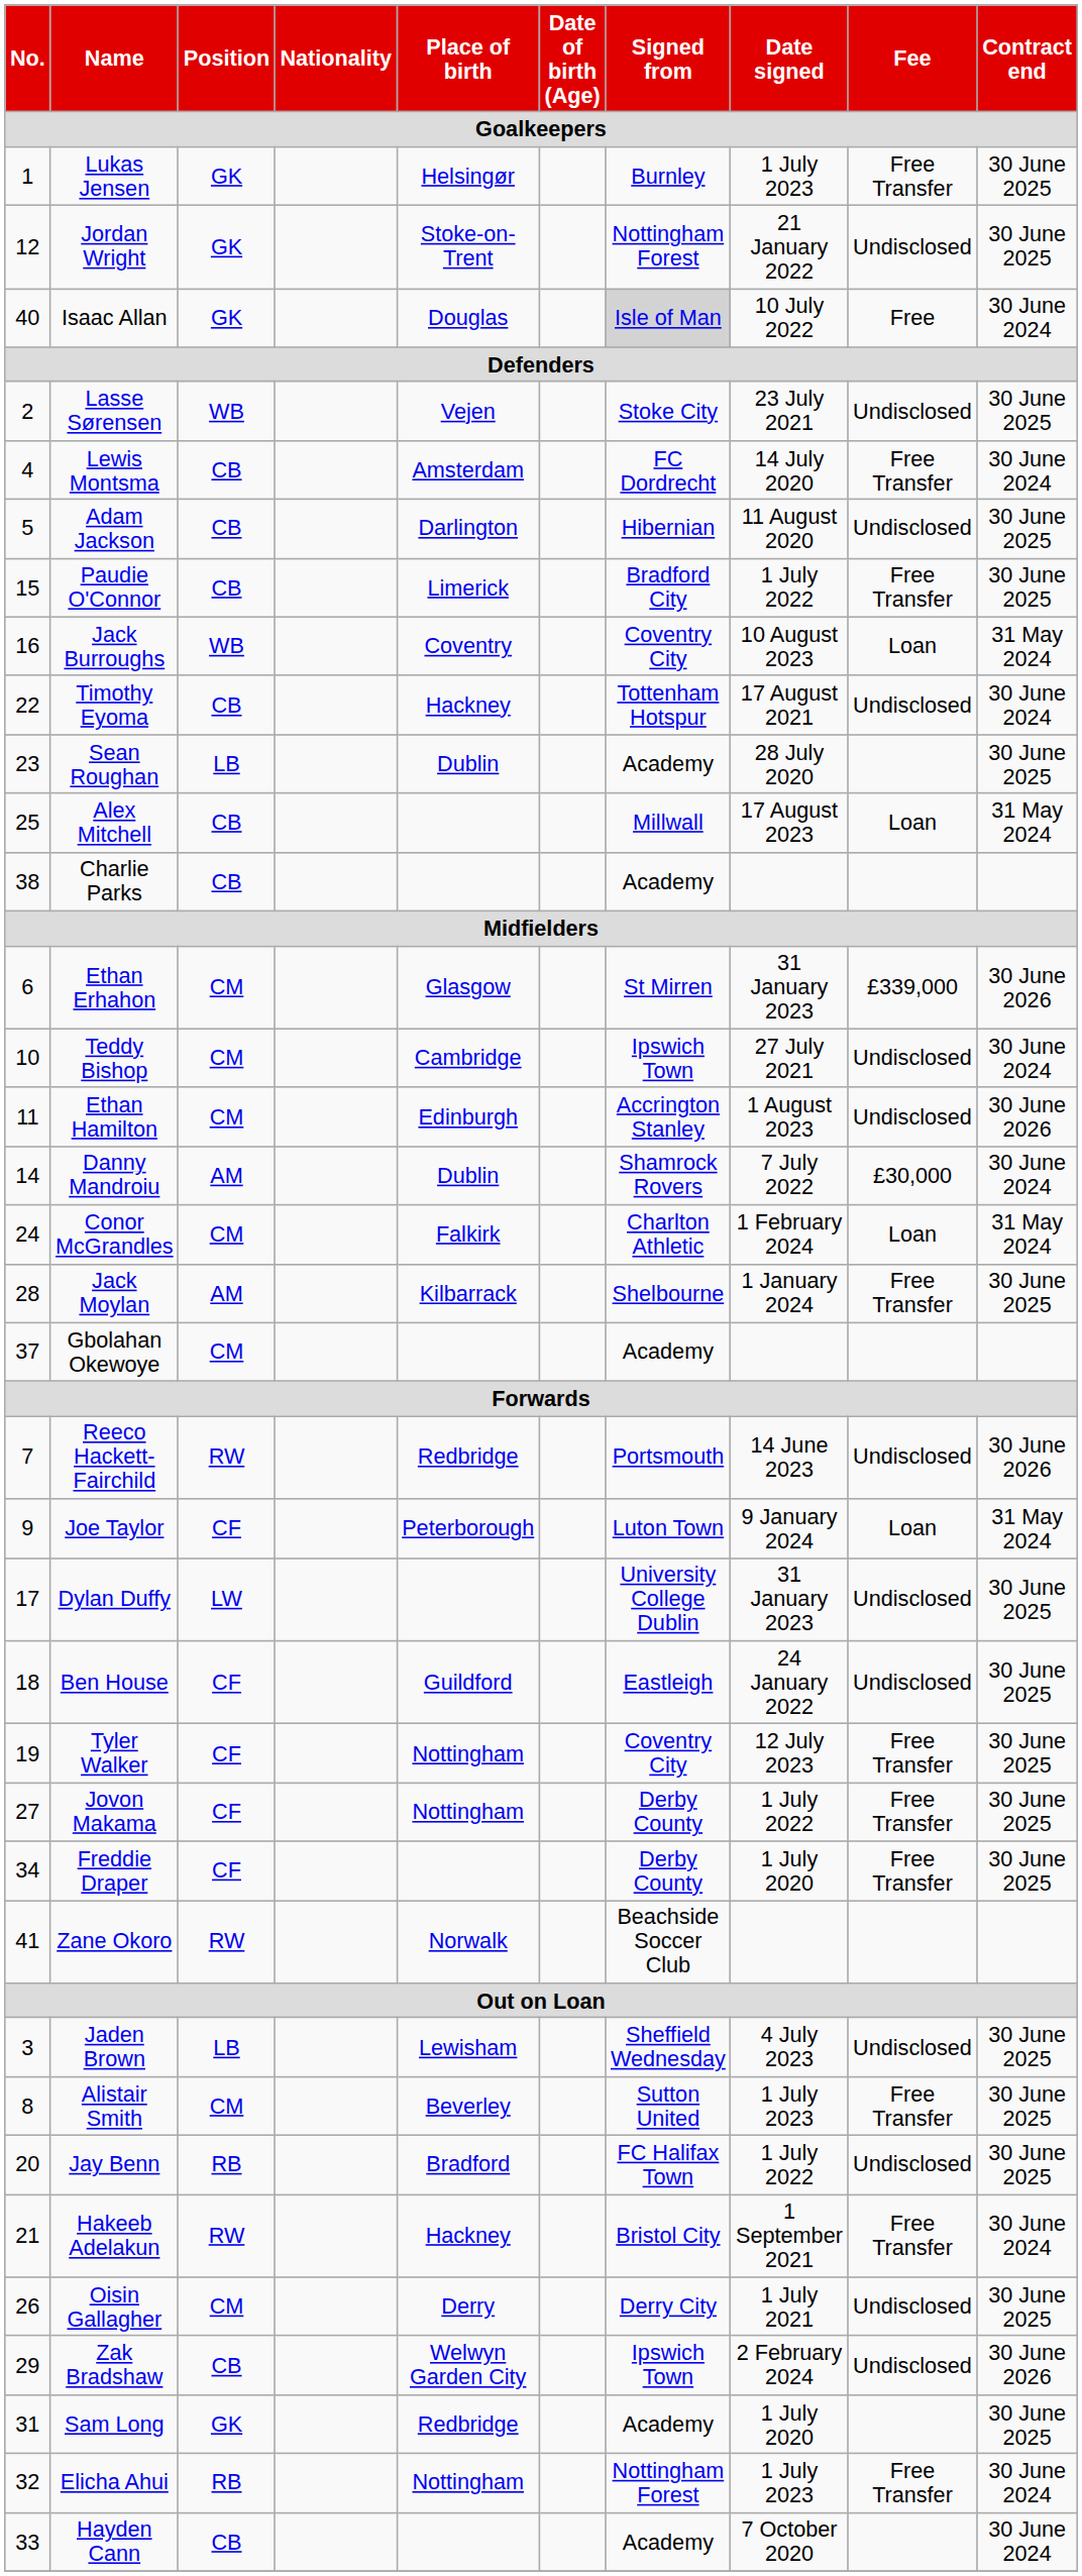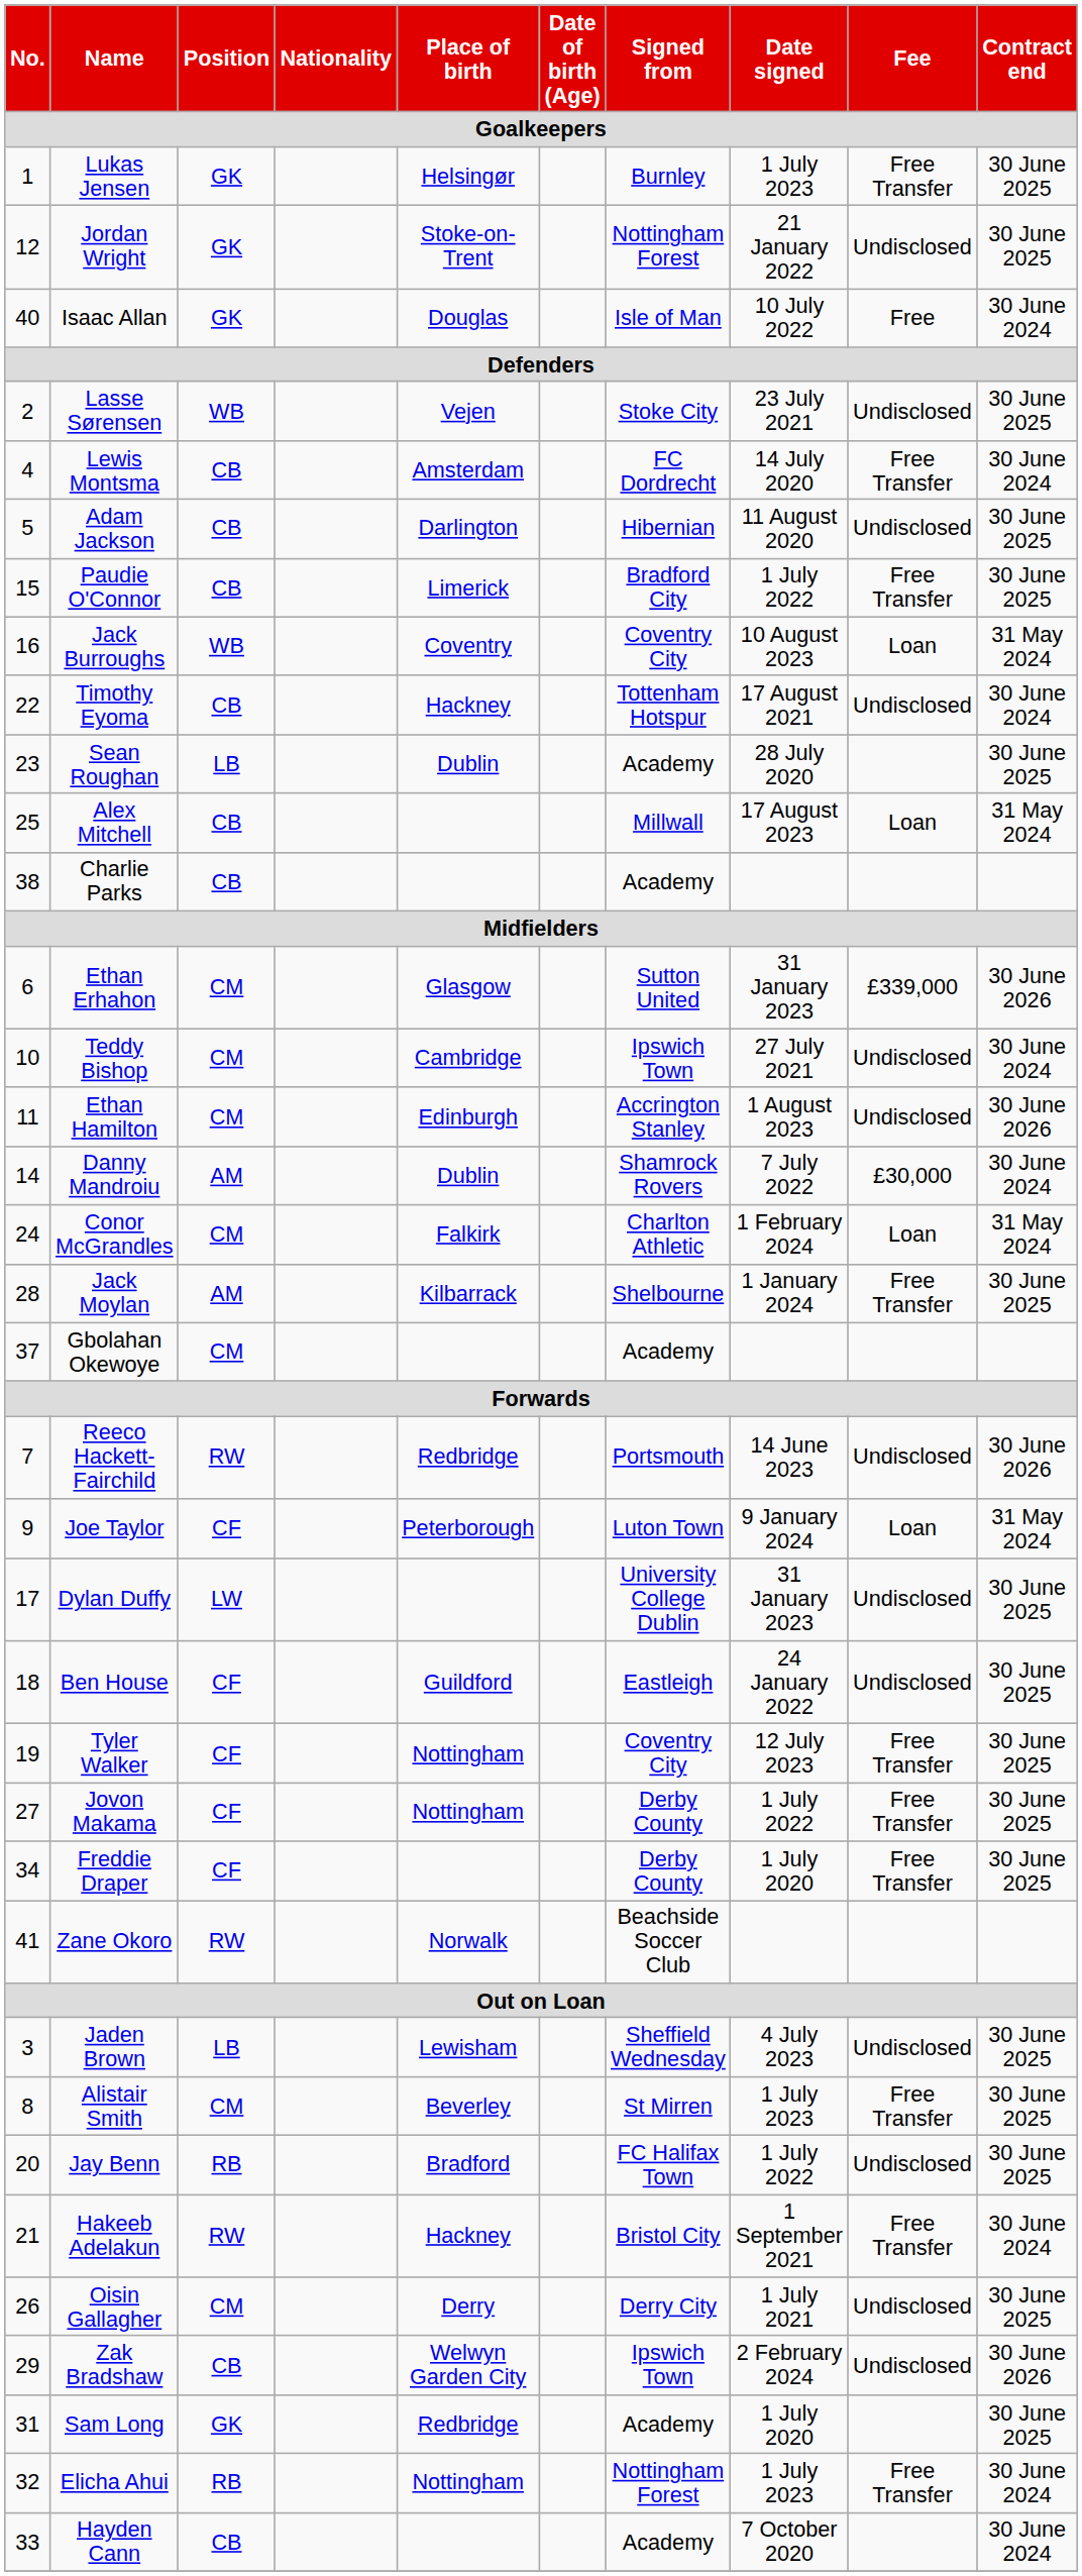 <table class="wikitable" style="text-align:center; font-size:84.5%; width:101%;">
 <tr>
 <th style="background:#E00000; color:white; text-align:center;">No.</th>
 <th style="background:#E00000; color:white; text-align:center;">Name</th>
 <th style="background:#E00000; color:white; text-align:center;">Position</th>
 <th style="background:#E00000; color:white; text-align:center;">Nationality</th>
 <th style="background:#E00000; color:white; text-align:center;">Place of birth</th>
 <th style="background:#E00000; color:white; text-align:center;">Date of birth (Age)</th>
 <th style="background:#E00000; color:white; text-align:center;">Signed from</th>
 <th style="background:#E00000; color:white; text-align:center;">Date signed</th>
 <th style="background:#E00000; color:white; text-align:center;">Fee</th>
 <th style="background:#E00000; color:white; text-align:center;">Contract end</th>
 </tr>
 <tr>
 <th colspan=14 style="background:#dcdcdc; tepxt-align:center;">Goalkeepers</th>
 </tr>
 <tr>
 <td>1</td>
 <td><a href='#'>Lukas Jensen</a></td>
 <td><a href='#'>GK</a></td>
 <td></td>
 <td><a href='#'>Helsingør</a></td>
 <td></td>
 <td><a href='#'>Burnley</a></td>
 <td>1 July 2023</td>
 <td>Free Transfer</td>
 <td>30 June 2025</td>
 </tr>
 <tr>
 <td>12</td>
 <td><a href='#'>Jordan Wright</a></td>
 <td><a href='#'>GK</a></td>
 <td></td>
 <td><a href='#'>Stoke-on-Trent</a></td>
 <td></td>
 <td><a href='#'>Nottingham Forest</a></td>
 <td>21 January 2022</td>
 <td>Undisclosed</td>
 <td>30 June 2025</td>
 </tr>
 <tr>
 <td>40</td>
 <td>Isaac Allan</td>
 <td><a href='#'>GK</a></td>
 <td></td>
 <td><a href='#'>Douglas</a></td>
 <td></td>
-<td style="background: lightgrey;"><a href='#'>Isle of Man</a></td>
+<td><a href='#'>Isle of Man</a></td>
 <td>10 July 2022</td>
 <td>Free</td>
 <td>30 June 2024</td>
 </tr>
 <tr>
 <th colspan=14 style="background:#dcdcdc; tepxt-align:center;">Defenders</th>
 </tr>
 <tr>
 <td>2</td>
 <td><a href='#'>Lasse Sørensen</a></td>
 <td><a href='#'>WB</a></td>
 <td></td>
 <td><a href='#'>Vejen</a></td>
 <td></td>
 <td><a href='#'>Stoke City</a></td>
 <td>23 July 2021</td>
 <td>Undisclosed</td>
 <td>30 June 2025</td>
 </tr>
 <tr>
 <td>4</td>
 <td><a href='#'>Lewis Montsma</a></td>
 <td><a href='#'>CB</a></td>
 <td></td>
 <td><a href='#'>Amsterdam</a></td>
 <td></td>
 <td><a href='#'>FC Dordrecht</a></td>
 <td>14 July 2020</td>
 <td>Free Transfer</td>
 <td>30 June 2024</td>
 </tr>
 <tr>
 <td>5</td>
 <td><a href='#'>Adam Jackson</a></td>
 <td><a href='#'>CB</a></td>
 <td></td>
 <td><a href='#'>Darlington</a></td>
 <td></td>
 <td><a href='#'>Hibernian</a></td>
 <td>11 August 2020</td>
 <td>Undisclosed</td>
 <td>30 June 2025</td>
 </tr>
 <tr>
 <td>15</td>
 <td><a href='#'>Paudie O'Connor</a></td>
 <td><a href='#'>CB</a></td>
 <td></td>
 <td><a href='#'>Limerick</a></td>
 <td></td>
 <td><a href='#'>Bradford City</a></td>
 <td>1 July 2022</td>
 <td>Free Transfer</td>
 <td>30 June 2025</td>
 </tr>
 <tr>
 <td>16</td>
 <td><a href='#'>Jack Burroughs</a></td>
 <td><a href='#'>WB</a></td>
 <td></td>
 <td><a href='#'>Coventry</a></td>
 <td></td>
 <td><a href='#'>Coventry City</a></td>
 <td>10 August 2023</td>
 <td>Loan</td>
 <td>31 May 2024</td>
 </tr>
 <tr>
 <td>22</td>
 <td><a href='#'>Timothy Eyoma</a></td>
 <td><a href='#'>CB</a></td>
 <td></td>
 <td><a href='#'>Hackney</a></td>
 <td></td>
 <td><a href='#'>Tottenham Hotspur</a></td>
 <td>17 August 2021</td>
 <td>Undisclosed</td>
 <td>30 June 2024</td>
 </tr>
 <tr>
 <td>23</td>
 <td><a href='#'>Sean Roughan</a></td>
 <td><a href='#'>LB</a></td>
 <td></td>
 <td><a href='#'>Dublin</a></td>
 <td></td>
 <td>Academy</td>
 <td>28 July 2020</td>
 <td></td>
 <td>30 June 2025</td>
 </tr>
 <tr>
 <td>25</td>
 <td><a href='#'>Alex Mitchell</a></td>
 <td><a href='#'>CB</a></td>
 <td></td>
 <td></td>
 <td></td>
 <td><a href='#'>Millwall</a></td>
 <td>17 August 2023</td>
 <td>Loan</td>
 <td>31 May 2024</td>
 </tr>
 <tr>
 <td>38</td>
 <td>Charlie Parks</td>
 <td><a href='#'>CB</a></td>
 <td></td>
 <td></td>
 <td></td>
 <td>Academy</td>
 <td></td>
 <td></td>
 <td></td>
 </tr>
 <tr>
 <th colspan=14 style="background:#dcdcdc; tepxt-align:center;">Midfielders</th>
 </tr>
 <tr>
 <td>6</td>
 <td><a href='#'>Ethan Erhahon</a></td>
 <td><a href='#'>CM</a></td>
 <td></td>
 <td><a href='#'>Glasgow</a></td>
 <td></td>
-<td><a href='#'>St Mirren</a></td>
+<td><a href='#'>Sutton United</a></td>
 <td>31 January 2023</td>
 <td>£339,000</td>
 <td>30 June 2026</td>
 </tr>
 <tr>
 <td>10</td>
 <td><a href='#'>Teddy Bishop</a></td>
 <td><a href='#'>CM</a></td>
 <td></td>
 <td><a href='#'>Cambridge</a></td>
 <td></td>
 <td><a href='#'>Ipswich Town</a></td>
 <td>27 July 2021</td>
 <td>Undisclosed</td>
 <td>30 June 2024</td>
 </tr>
 <tr>
 <td>11</td>
 <td><a href='#'>Ethan Hamilton</a></td>
 <td><a href='#'>CM</a></td>
 <td></td>
 <td><a href='#'>Edinburgh</a></td>
 <td></td>
 <td><a href='#'>Accrington Stanley</a></td>
 <td>1 August 2023</td>
 <td>Undisclosed</td>
 <td>30 June 2026</td>
 </tr>
 <tr>
 <td>14</td>
 <td><a href='#'>Danny Mandroiu</a></td>
 <td><a href='#'>AM</a></td>
 <td></td>
 <td><a href='#'>Dublin</a></td>
 <td></td>
 <td><a href='#'>Shamrock Rovers</a></td>
 <td>7 July 2022</td>
 <td>£30,000</td>
 <td>30 June 2024</td>
 </tr>
 <tr>
 <td>24</td>
 <td><a href='#'>Conor McGrandles</a></td>
 <td><a href='#'>CM</a></td>
 <td></td>
 <td><a href='#'>Falkirk</a></td>
 <td></td>
 <td><a href='#'>Charlton Athletic</a></td>
 <td>1 February 2024</td>
 <td>Loan</td>
 <td>31 May 2024</td>
 </tr>
 <tr>
 <td>28</td>
 <td><a href='#'>Jack Moylan</a></td>
 <td><a href='#'>AM</a></td>
 <td></td>
 <td><a href='#'>Kilbarrack</a></td>
 <td></td>
 <td><a href='#'>Shelbourne</a></td>
 <td>1 January 2024</td>
 <td>Free Transfer</td>
 <td>30 June 2025</td>
 </tr>
 <tr>
 <td>37</td>
 <td>Gbolahan Okewoye</td>
 <td><a href='#'>CM</a></td>
 <td></td>
 <td></td>
 <td></td>
 <td>Academy</td>
 <td></td>
 <td></td>
 <td></td>
 </tr>
 <tr>
 <th colspan=14 style="background:#dcdcdc; tepxt-align:center;">Forwards</th>
 </tr>
 <tr>
 <td>7</td>
 <td><a href='#'>Reeco Hackett-Fairchild</a></td>
 <td><a href='#'>RW</a></td>
 <td></td>
 <td><a href='#'>Redbridge</a></td>
 <td></td>
 <td><a href='#'>Portsmouth</a></td>
 <td>14 June 2023</td>
 <td>Undisclosed</td>
 <td>30 June 2026</td>
 </tr>
 <tr>
 <td>9</td>
 <td><a href='#'>Joe Taylor</a></td>
 <td><a href='#'>CF</a></td>
 <td></td>
 <td><a href='#'>Peterborough</a></td>
 <td></td>
 <td><a href='#'>Luton Town</a></td>
 <td>9 January 2024</td>
 <td>Loan</td>
 <td>31 May 2024</td>
 </tr>
 <tr>
 <td>17</td>
 <td><a href='#'>Dylan Duffy</a></td>
 <td><a href='#'>LW</a></td>
 <td></td>
 <td></td>
 <td></td>
 <td><a href='#'>University College Dublin</a></td>
 <td>31 January 2023</td>
 <td>Undisclosed</td>
 <td>30 June 2025</td>
 </tr>
 <tr>
 <td>18</td>
 <td><a href='#'>Ben House</a></td>
 <td><a href='#'>CF</a></td>
 <td></td>
 <td><a href='#'>Guildford</a></td>
 <td></td>
 <td><a href='#'>Eastleigh</a></td>
 <td>24 January 2022</td>
 <td>Undisclosed</td>
 <td>30 June 2025</td>
 </tr>
 <tr>
 <td>19</td>
 <td><a href='#'>Tyler Walker</a></td>
 <td><a href='#'>CF</a></td>
 <td></td>
 <td><a href='#'>Nottingham</a></td>
 <td></td>
 <td><a href='#'>Coventry City</a></td>
 <td>12 July 2023</td>
 <td>Free Transfer</td>
 <td>30 June 2025</td>
 </tr>
 <tr>
 <td>27</td>
 <td><a href='#'>Jovon Makama</a></td>
 <td><a href='#'>CF</a></td>
 <td></td>
 <td><a href='#'>Nottingham</a></td>
 <td></td>
 <td><a href='#'>Derby County</a></td>
 <td>1 July 2022</td>
 <td>Free Transfer</td>
 <td>30 June 2025</td>
 </tr>
 <tr>
 <td>34</td>
 <td><a href='#'>Freddie Draper</a></td>
 <td><a href='#'>CF</a></td>
 <td></td>
 <td></td>
 <td></td>
 <td><a href='#'>Derby County</a></td>
 <td>1 July 2020</td>
 <td>Free Transfer</td>
 <td>30 June 2025</td>
 </tr>
 <tr>
 <td>41</td>
 <td><a href='#'>Zane Okoro</a></td>
 <td><a href='#'>RW</a></td>
 <td></td>
 <td><a href='#'>Norwalk</a></td>
 <td></td>
 <td>Beachside Soccer Club</td>
 <td></td>
 <td></td>
 <td></td>
 </tr>
 <tr>
 <th colspan=14 style="background:#dcdcdc; tepxt-align:center;">Out on Loan</th>
 </tr>
 <tr>
 <td>3</td>
 <td><a href='#'>Jaden Brown</a></td>
 <td><a href='#'>LB</a></td>
 <td></td>
 <td><a href='#'>Lewisham</a></td>
 <td></td>
 <td><a href='#'>Sheffield Wednesday</a></td>
 <td>4 July 2023</td>
 <td>Undisclosed</td>
 <td>30 June 2025</td>
 </tr>
 <tr>
 <td>8</td>
 <td><a href='#'>Alistair Smith</a></td>
 <td><a href='#'>CM</a></td>
 <td></td>
 <td><a href='#'>Beverley</a></td>
 <td></td>
-<td><a href='#'>Sutton United</a></td>
+<td><a href='#'>St Mirren</a></td>
 <td>1 July 2023</td>
 <td>Free Transfer</td>
 <td>30 June 2025</td>
 </tr>
 <tr>
 <td>20</td>
 <td><a href='#'>Jay Benn</a></td>
 <td><a href='#'>RB</a></td>
 <td></td>
 <td><a href='#'>Bradford</a></td>
 <td></td>
 <td><a href='#'>FC Halifax Town</a></td>
 <td>1 July 2022</td>
 <td>Undisclosed</td>
 <td>30 June 2025</td>
 </tr>
 <tr>
 <td>21</td>
 <td><a href='#'>Hakeeb Adelakun</a></td>
 <td><a href='#'>RW</a></td>
 <td></td>
 <td><a href='#'>Hackney</a></td>
 <td></td>
 <td><a href='#'>Bristol City</a></td>
 <td>1 September 2021</td>
 <td>Free Transfer</td>
 <td>30 June 2024</td>
 </tr>
 <tr>
 <td>26</td>
 <td><a href='#'>Oisin Gallagher</a></td>
 <td><a href='#'>CM</a></td>
 <td></td>
 <td><a href='#'>Derry</a></td>
 <td></td>
 <td><a href='#'>Derry City</a></td>
 <td>1 July 2021</td>
 <td>Undisclosed</td>
 <td>30 June 2025</td>
 </tr>
 <tr>
 <td>29</td>
 <td><a href='#'>Zak Bradshaw</a></td>
 <td><a href='#'>CB</a></td>
 <td></td>
 <td><a href='#'>Welwyn Garden City</a></td>
 <td></td>
 <td><a href='#'>Ipswich Town</a></td>
 <td>2 February 2024</td>
 <td>Undisclosed</td>
 <td>30 June 2026</td>
 </tr>
 <tr>
 <td>31</td>
 <td><a href='#'>Sam Long</a></td>
 <td><a href='#'>GK</a></td>
 <td></td>
 <td><a href='#'>Redbridge</a></td>
 <td></td>
 <td>Academy</td>
 <td>1 July 2020</td>
 <td></td>
 <td>30 June 2025</td>
 </tr>
 <tr>
 <td>32</td>
 <td><a href='#'>Elicha Ahui</a></td>
 <td><a href='#'>RB</a></td>
 <td></td>
 <td><a href='#'>Nottingham</a></td>
 <td></td>
 <td><a href='#'>Nottingham Forest</a></td>
 <td>1 July 2023</td>
 <td>Free Transfer</td>
 <td>30 June 2024</td>
 </tr>
 <tr>
 <td>33</td>
 <td><a href='#'>Hayden Cann</a></td>
 <td><a href='#'>CB</a></td>
 <td></td>
 <td></td>
 <td></td>
 <td>Academy</td>
 <td>7 October 2020</td>
 <td></td>
 <td>30 June 2024</td>
 </tr>
 <tr>
 </tr>
 </table>
